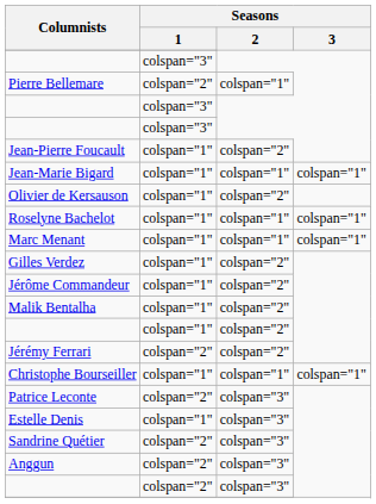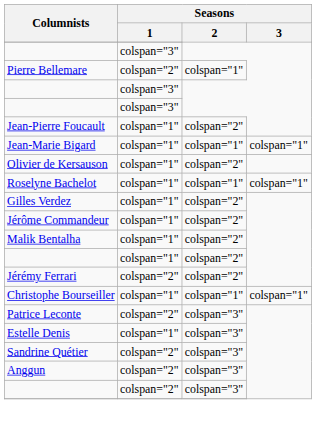 <table class="wikitable" width:"95%">
 <tr>
 <th rowspan="2">Columnists</th>
 <th colspan=3 style=text-align:center;>Seasons</th>
 </tr>
 <tr>
 <th ! width="80">1</th>
 <th width="80">2</th>
 <th width="80">3</th>
 </tr>
 <tr>
 </tr>
 <tr>
 <td></td>
 <td>colspan="3" </td>
 </tr>
 <tr>
 <td><a href='#'>Pierre Bellemare</a></td>
 <td>colspan="2" </td>
 <td>colspan="1" </td>
 </tr>
 <tr>
 <td></td>
 <td>colspan="3" </td>
 </tr>
 <tr>
 <td></td>
 <td>colspan="3" </td>
 </tr>
 <tr>
 <td><a href='#'>Jean-Pierre Foucault</a></td>
 <td>colspan="1" </td>
 <td>colspan="2" </td>
 </tr>
 <tr>
 <td><a href='#'>Jean-Marie Bigard</a></td>
 <td>colspan="1" </td>
 <td>colspan="1" </td>
 <td>colspan="1" </td>
 </tr>
 <tr>
 <td><a href='#'>Olivier de Kersauson</a></td>
 <td>colspan="1" </td>
 <td>colspan="2" </td>
 </tr>
 <tr>
 <td><a href='#'>Roselyne Bachelot</a></td>
-<td>colspan="1" </td>
-<td>colspan="1" </td>
-<td>colspan="1" </td>
-</tr>
-<tr>
-<td><a href='#'>Marc Menant</a></td>
 <td>colspan="1" </td>
 <td>colspan="1" </td>
 <td>colspan="1" </td>
 </tr>
 <tr>
 <td><a href='#'>Gilles Verdez</a></td>
 <td>colspan="1" </td>
 <td>colspan="2" </td>
 </tr>
 <tr>
 <td><a href='#'>Jérôme Commandeur</a></td>
 <td>colspan="1" </td>
 <td>colspan="2" </td>
 </tr>
 <tr>
 <td><a href='#'>Malik Bentalha</a></td>
 <td>colspan="1" </td>
 <td>colspan="2" </td>
 </tr>
 <tr>
 <td></td>
 <td>colspan="1" </td>
 <td>colspan="2" </td>
 </tr>
 <tr>
 <td><a href='#'>Jérémy Ferrari</a></td>
 <td>colspan="2" </td>
 <td>colspan="2" </td>
 </tr>
 <tr>
 <td><a href='#'>Christophe Bourseiller</a></td>
 <td>colspan="1" </td>
 <td>colspan="1" </td>
 <td>colspan="1" </td>
 </tr>
 <tr>
 <td><a href='#'>Patrice Leconte</a></td>
 <td>colspan="2" </td>
 <td>colspan="3" </td>
 </tr>
 <tr>
 <td><a href='#'>Estelle Denis</a></td>
 <td>colspan="1" </td>
 <td>colspan="3" </td>
 </tr>
 <tr>
 <td><a href='#'>Sandrine Quétier</a></td>
 <td>colspan="2" </td>
 <td>colspan="3" </td>
 </tr>
 <tr>
 <td><a href='#'>Anggun</a></td>
 <td>colspan="2" </td>
 <td>colspan="3" </td>
 </tr>
 <tr>
 <td></td>
 <td>colspan="2" </td>
 <td>colspan="3" </td>
 </tr>
 <tr>
 </tr>
 </table>
